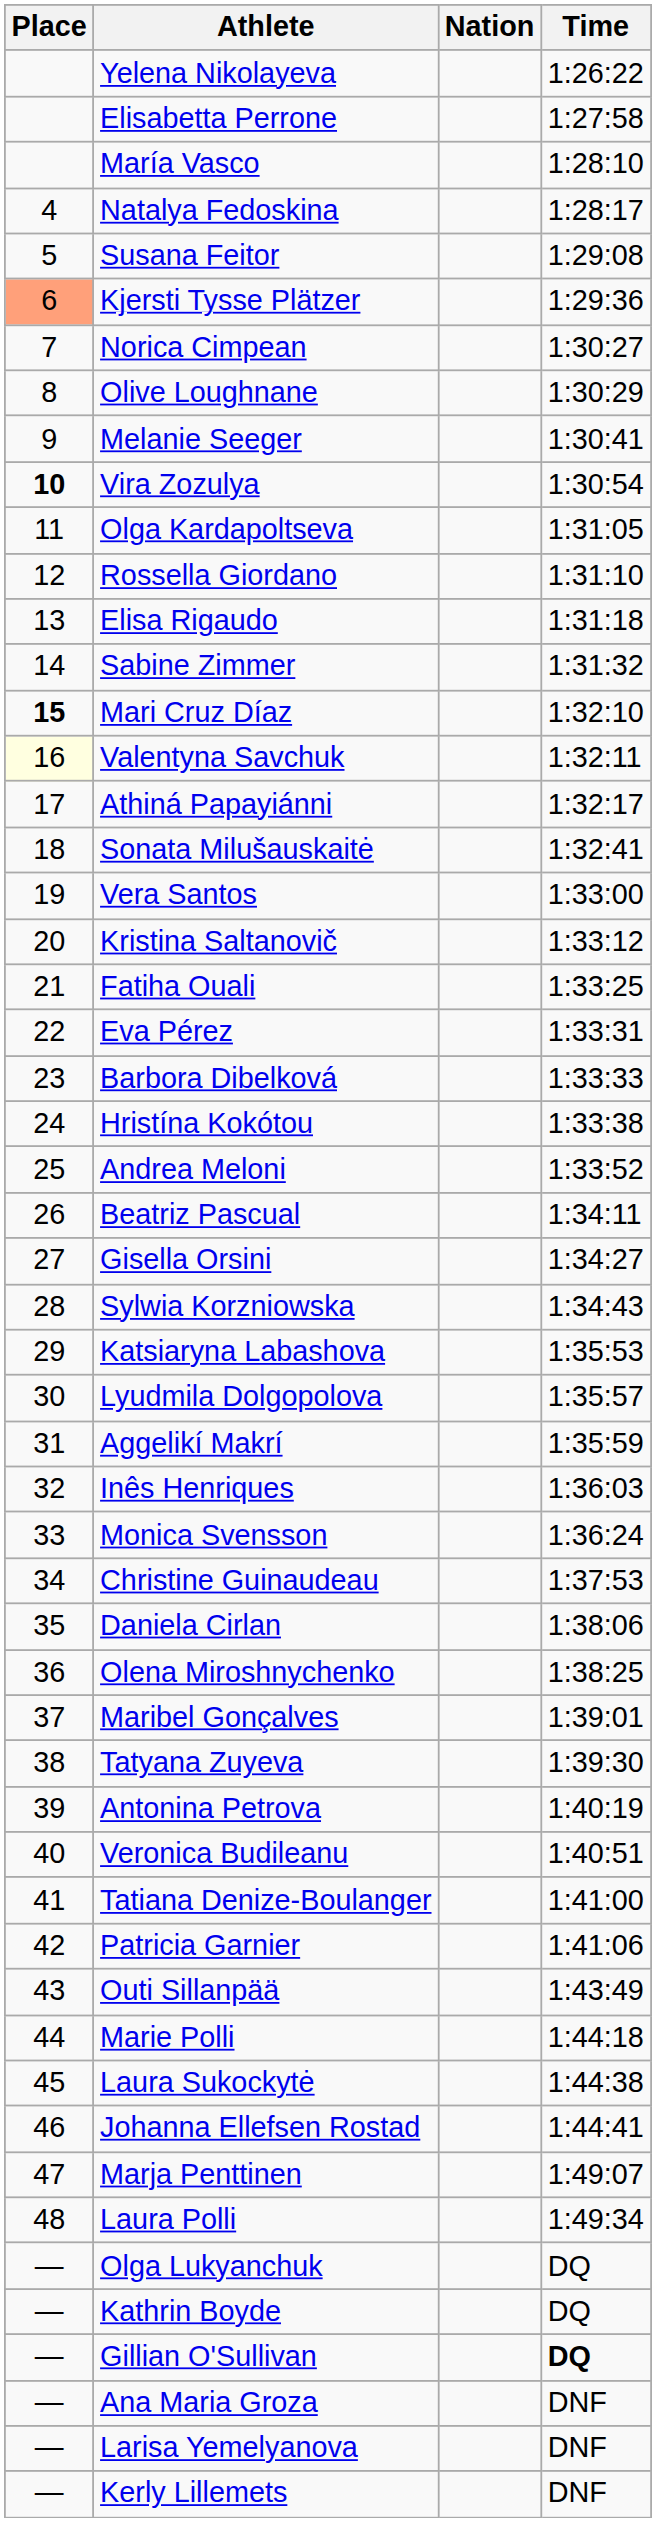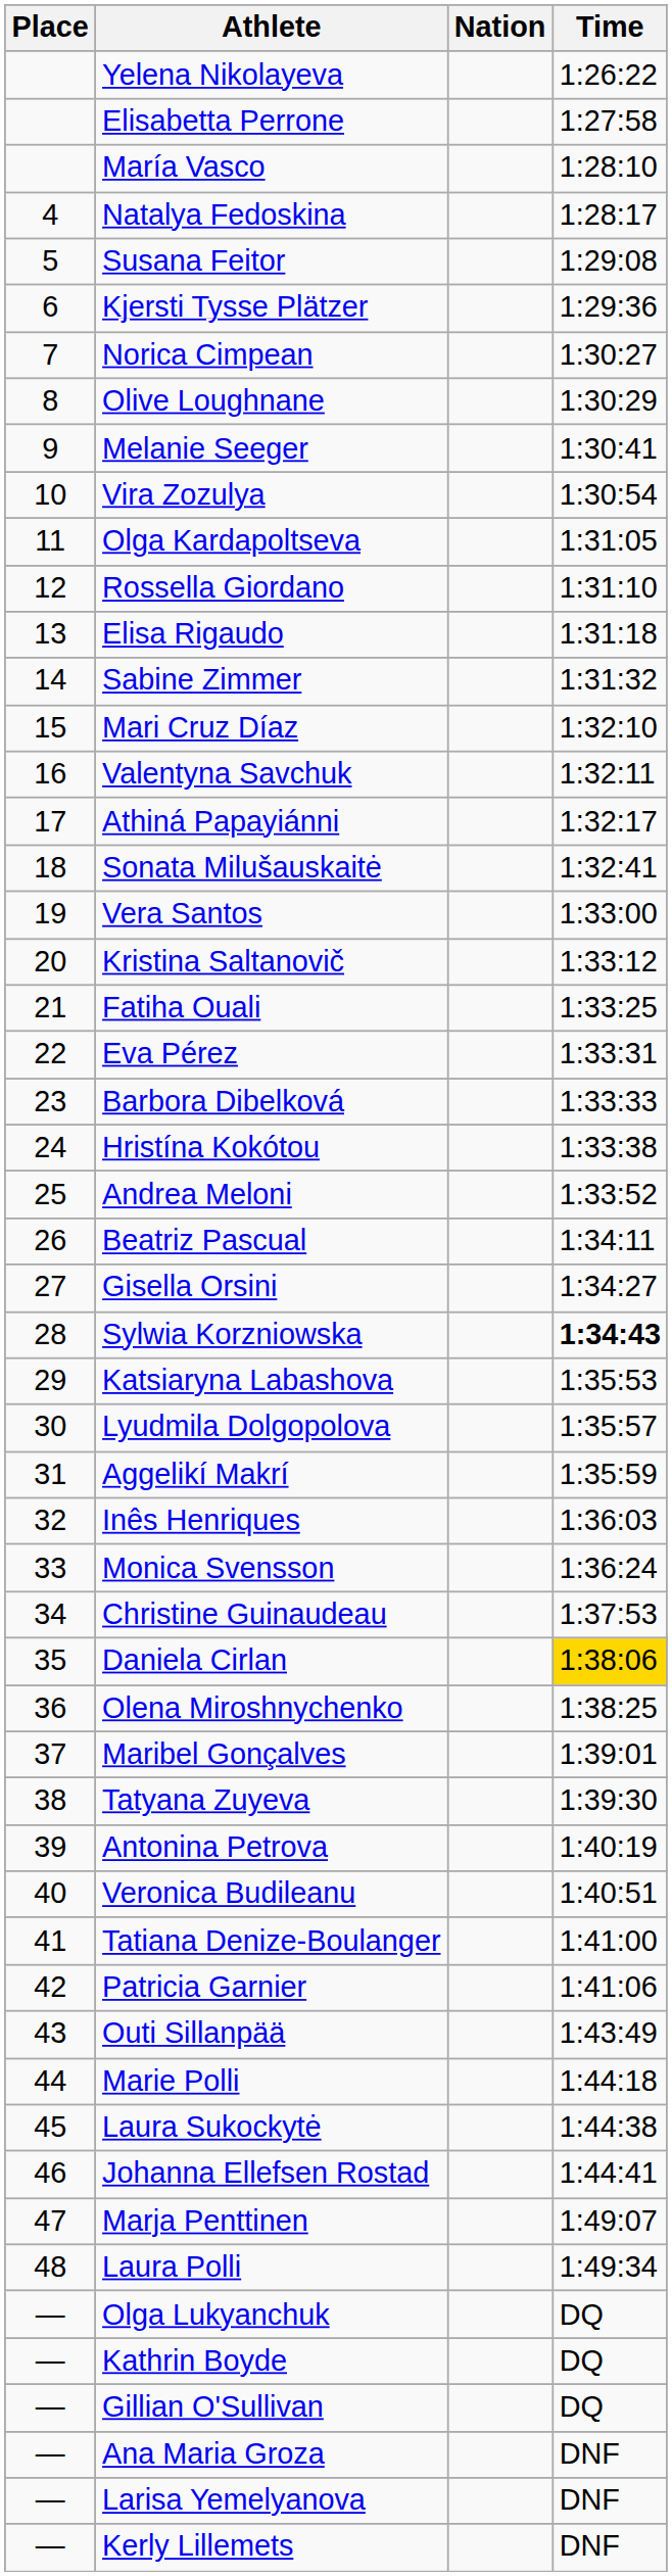 <table class=wikitable>
 <tr>
 <th>Place</th>
 <th>Athlete</th>
 <th>Nation</th>
 <th>Time</th>
 </tr>
 <tr>
 <td align=center></td>
 <td><a href='#'>Yelena Nikolayeva</a></td>
 <td></td>
 <td>1:26:22</td>
 </tr>
 <tr>
 <td align=center></td>
 <td><a href='#'>Elisabetta Perrone</a></td>
 <td></td>
 <td>1:27:58</td>
 </tr>
 <tr>
 <td align=center></td>
 <td><a href='#'>María Vasco</a></td>
 <td></td>
 <td>1:28:10</td>
 </tr>
 <tr>
 <td align=center>4</td>
 <td><a href='#'>Natalya Fedoskina</a></td>
 <td></td>
 <td>1:28:17</td>
 </tr>
 <tr>
 <td align=center>5</td>
 <td><a href='#'>Susana Feitor</a></td>
 <td></td>
 <td>1:29:08</td>
 </tr>
 <tr>
-<td align=center style="background: lightsalmon;">6</td>
+<td align=center>6</td>
 <td><a href='#'>Kjersti Tysse Plätzer</a></td>
 <td></td>
 <td>1:29:36</td>
 </tr>
 <tr>
 <td align=center>7</td>
 <td><a href='#'>Norica Cimpean</a></td>
 <td></td>
 <td>1:30:27</td>
 </tr>
 <tr>
 <td align=center>8</td>
 <td><a href='#'>Olive Loughnane</a></td>
 <td></td>
 <td>1:30:29</td>
 </tr>
 <tr>
 <td align=center>9</td>
 <td><a href='#'>Melanie Seeger</a></td>
 <td></td>
 <td>1:30:41</td>
 </tr>
 <tr>
-<td align=center><strong>10</strong></td>
+<td align=center>10</td>
 <td><a href='#'>Vira Zozulya</a></td>
 <td></td>
 <td>1:30:54</td>
 </tr>
 <tr>
 <td align=center>11</td>
 <td><a href='#'>Olga Kardapoltseva</a></td>
 <td></td>
 <td>1:31:05</td>
 </tr>
 <tr>
 <td align=center>12</td>
 <td><a href='#'>Rossella Giordano</a></td>
 <td></td>
 <td>1:31:10</td>
 </tr>
 <tr>
 <td align=center>13</td>
 <td><a href='#'>Elisa Rigaudo</a></td>
 <td></td>
 <td>1:31:18</td>
 </tr>
 <tr>
 <td align=center>14</td>
 <td><a href='#'>Sabine Zimmer</a></td>
 <td></td>
 <td>1:31:32</td>
 </tr>
 <tr>
-<td align=center><strong>15</strong></td>
+<td align=center>15</td>
 <td><a href='#'>Mari Cruz Díaz</a></td>
 <td></td>
 <td>1:32:10</td>
 </tr>
 <tr>
-<td align=center style="background: lightyellow;">16</td>
+<td align=center>16</td>
 <td><a href='#'>Valentyna Savchuk</a></td>
 <td></td>
 <td>1:32:11</td>
 </tr>
 <tr>
 <td align=center>17</td>
 <td><a href='#'>Athiná Papayiánni</a></td>
 <td></td>
 <td>1:32:17</td>
 </tr>
 <tr>
 <td align=center>18</td>
 <td><a href='#'>Sonata Milušauskaitė</a></td>
 <td></td>
 <td>1:32:41</td>
 </tr>
 <tr>
 <td align=center>19</td>
 <td><a href='#'>Vera Santos</a></td>
 <td></td>
 <td>1:33:00</td>
 </tr>
 <tr>
 <td align=center>20</td>
 <td><a href='#'>Kristina Saltanovič</a></td>
 <td></td>
 <td>1:33:12</td>
 </tr>
 <tr>
 <td align=center>21</td>
 <td><a href='#'>Fatiha Ouali</a></td>
 <td></td>
 <td>1:33:25</td>
 </tr>
 <tr>
 <td align=center>22</td>
 <td><a href='#'>Eva Pérez</a></td>
 <td></td>
 <td>1:33:31</td>
 </tr>
 <tr>
 <td align=center>23</td>
 <td><a href='#'>Barbora Dibelková</a></td>
 <td></td>
 <td>1:33:33</td>
 </tr>
 <tr>
 <td align=center>24</td>
 <td><a href='#'>Hristína Kokótou</a></td>
 <td></td>
 <td>1:33:38</td>
 </tr>
 <tr>
 <td align=center>25</td>
 <td><a href='#'>Andrea Meloni</a></td>
 <td></td>
 <td>1:33:52</td>
 </tr>
 <tr>
 <td align=center>26</td>
 <td><a href='#'>Beatriz Pascual</a></td>
 <td></td>
 <td>1:34:11</td>
 </tr>
 <tr>
 <td align=center>27</td>
 <td><a href='#'>Gisella Orsini</a></td>
 <td></td>
 <td>1:34:27</td>
 </tr>
 <tr>
 <td align=center>28</td>
 <td><a href='#'>Sylwia Korzniowska</a></td>
 <td></td>
-<td>1:34:43</td>
+<td><strong>1:34:43</strong></td>
 </tr>
 <tr>
 <td align=center>29</td>
 <td><a href='#'>Katsiaryna Labashova</a></td>
 <td></td>
 <td>1:35:53</td>
 </tr>
 <tr>
 <td align=center>30</td>
 <td><a href='#'>Lyudmila Dolgopolova</a></td>
 <td></td>
 <td>1:35:57</td>
 </tr>
 <tr>
 <td align=center>31</td>
 <td><a href='#'>Aggelikí Makrí</a></td>
 <td></td>
 <td>1:35:59</td>
 </tr>
 <tr>
 <td align=center>32</td>
 <td><a href='#'>Inês Henriques</a></td>
 <td></td>
 <td>1:36:03</td>
 </tr>
 <tr>
 <td align=center>33</td>
 <td><a href='#'>Monica Svensson</a></td>
 <td></td>
 <td>1:36:24</td>
 </tr>
 <tr>
 <td align=center>34</td>
 <td><a href='#'>Christine Guinaudeau</a></td>
 <td></td>
 <td>1:37:53</td>
 </tr>
 <tr>
 <td align=center>35</td>
 <td><a href='#'>Daniela Cirlan</a></td>
 <td></td>
-<td>1:38:06</td>
+<td style="background: gold;">1:38:06</td>
 </tr>
 <tr>
 <td align=center>36</td>
 <td><a href='#'>Olena Miroshnychenko</a></td>
 <td></td>
 <td>1:38:25</td>
 </tr>
 <tr>
 <td align=center>37</td>
 <td><a href='#'>Maribel Gonçalves</a></td>
 <td></td>
 <td>1:39:01</td>
 </tr>
 <tr>
 <td align=center>38</td>
 <td><a href='#'>Tatyana Zuyeva</a></td>
 <td></td>
 <td>1:39:30</td>
 </tr>
 <tr>
 <td align=center>39</td>
 <td><a href='#'>Antonina Petrova</a></td>
 <td></td>
 <td>1:40:19</td>
 </tr>
 <tr>
 <td align=center>40</td>
 <td><a href='#'>Veronica Budileanu</a></td>
 <td></td>
 <td>1:40:51</td>
 </tr>
 <tr>
 <td align=center>41</td>
 <td><a href='#'>Tatiana Denize-Boulanger</a></td>
 <td></td>
 <td>1:41:00</td>
 </tr>
 <tr>
 <td align=center>42</td>
 <td><a href='#'>Patricia Garnier</a></td>
 <td></td>
 <td>1:41:06</td>
 </tr>
 <tr>
 <td align=center>43</td>
 <td><a href='#'>Outi Sillanpää</a></td>
 <td></td>
 <td>1:43:49</td>
 </tr>
 <tr>
 <td align=center>44</td>
 <td><a href='#'>Marie Polli</a></td>
 <td></td>
 <td>1:44:18</td>
 </tr>
 <tr>
 <td align=center>45</td>
 <td><a href='#'>Laura Sukockytė</a></td>
 <td></td>
 <td>1:44:38</td>
 </tr>
 <tr>
 <td align=center>46</td>
 <td><a href='#'>Johanna Ellefsen Rostad</a></td>
 <td></td>
 <td>1:44:41</td>
 </tr>
 <tr>
 <td align=center>47</td>
 <td><a href='#'>Marja Penttinen</a></td>
 <td></td>
 <td>1:49:07</td>
 </tr>
 <tr>
 <td align=center>48</td>
 <td><a href='#'>Laura Polli</a></td>
 <td></td>
 <td>1:49:34</td>
 </tr>
 <tr>
 <td align=center>—</td>
 <td><a href='#'>Olga Lukyanchuk</a></td>
 <td></td>
 <td>DQ</td>
 </tr>
 <tr>
 <td align=center>—</td>
 <td><a href='#'>Kathrin Boyde</a></td>
 <td></td>
 <td>DQ</td>
 </tr>
 <tr>
 <td align=center>—</td>
 <td><a href='#'>Gillian O'Sullivan</a></td>
 <td></td>
-<td><strong>DQ</strong></td>
+<td>DQ</td>
 </tr>
 <tr>
 <td align=center>—</td>
 <td><a href='#'>Ana Maria Groza</a></td>
 <td></td>
 <td>DNF</td>
 </tr>
 <tr>
 <td align=center>—</td>
 <td><a href='#'>Larisa Yemelyanova</a></td>
 <td></td>
 <td>DNF</td>
 </tr>
 <tr>
 <td align=center>—</td>
 <td><a href='#'>Kerly Lillemets</a></td>
 <td></td>
 <td>DNF</td>
 </tr>
 </table>
